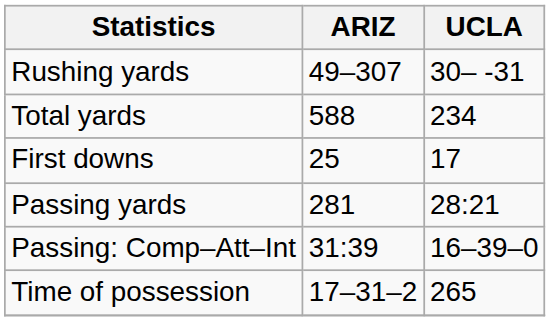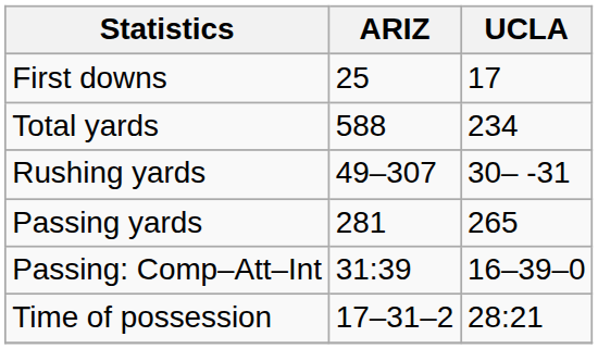 <table class="wikitable" style="float: left;">
 <tr>
 <th>Statistics</th>
 <th>ARIZ</th>
 <th>UCLA</th>
 </tr>
 <tr>
-<td>Rushing yards</td>
-<td>49–307</td>
-<td>30– -31</td>
+<td>First downs</td>
+<td>25</td>
+<td>17</td>
 </tr>
 <tr>
 <td>Total yards</td>
 <td>588</td>
 <td>234</td>
 </tr>
 <tr>
-<td>First downs</td>
-<td>25</td>
-<td>17</td>
+<td>Rushing yards</td>
+<td>49–307</td>
+<td>30– -31</td>
 </tr>
 <tr>
 <td>Passing yards</td>
 <td>281</td>
-<td>28:21</td>
+<td>265</td>
 </tr>
 <tr>
 <td>Passing: Comp–Att–Int</td>
 <td>31:39</td>
 <td>16–39–0</td>
 </tr>
 <tr>
 <td>Time of possession</td>
 <td>17–31–2</td>
-<td>265</td>
+<td>28:21</td>
 </tr>
 <tr>
 </tr>
 </table>
